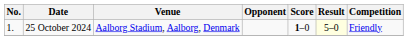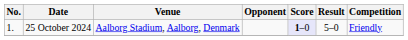 <table class="wikitable">
 <tr>
 <th>No.</th>
 <th>Date</th>
 <th>Venue</th>
 <th>Opponent</th>
 <th>Score</th>
 <th>Result</th>
 <th>Competition</th>
 </tr>
 <tr>
 <td>1.</td>
 <td>25 October 2024</td>
 <td><a href='#'>Aalborg Stadium</a>, <a href='#'>Aalborg</a>, <a href='#'>Denmark</a></td>
 <td></td>
-<td align=center><strong>1</strong>–0</td>
-<td align=center style="background: lightyellow;">5–0</td>
+<td align=center style="background: lavender;"><strong>1</strong>–0</td>
+<td align=center>5–0</td>
 <td><a href='#'>Friendly</a></td>
 </tr>
 <tr>
 </tr>
 </table>
